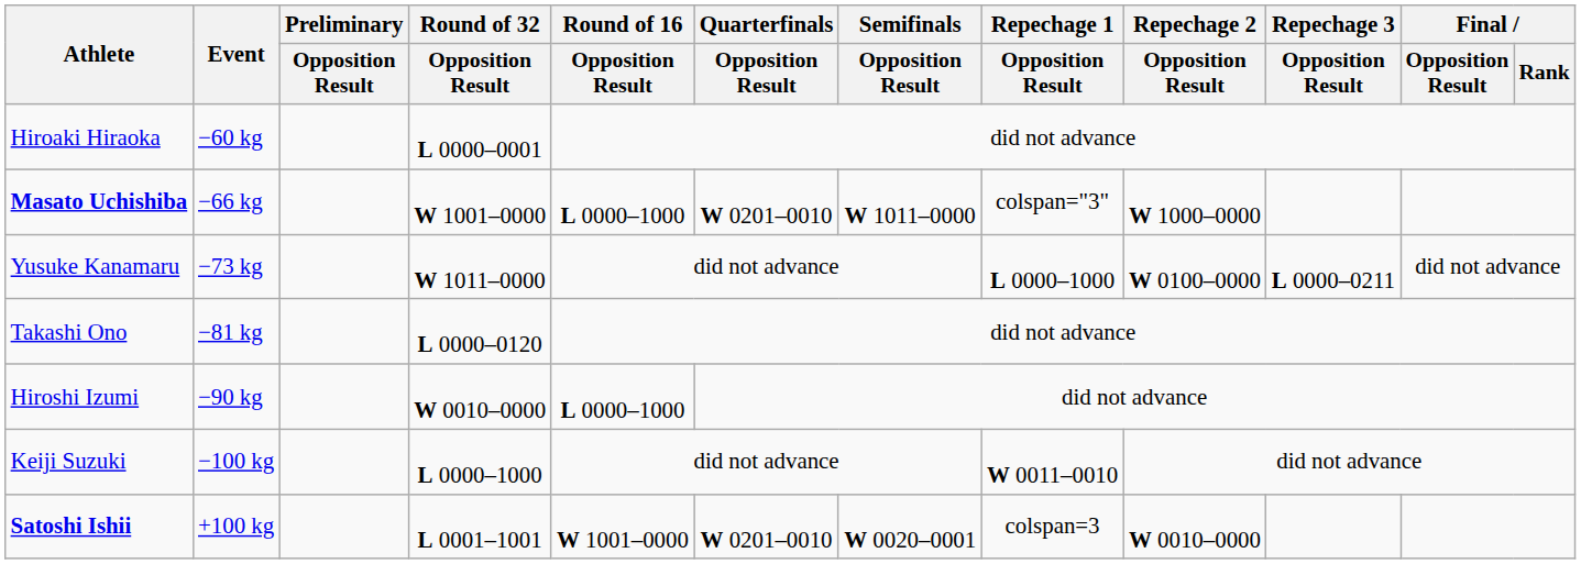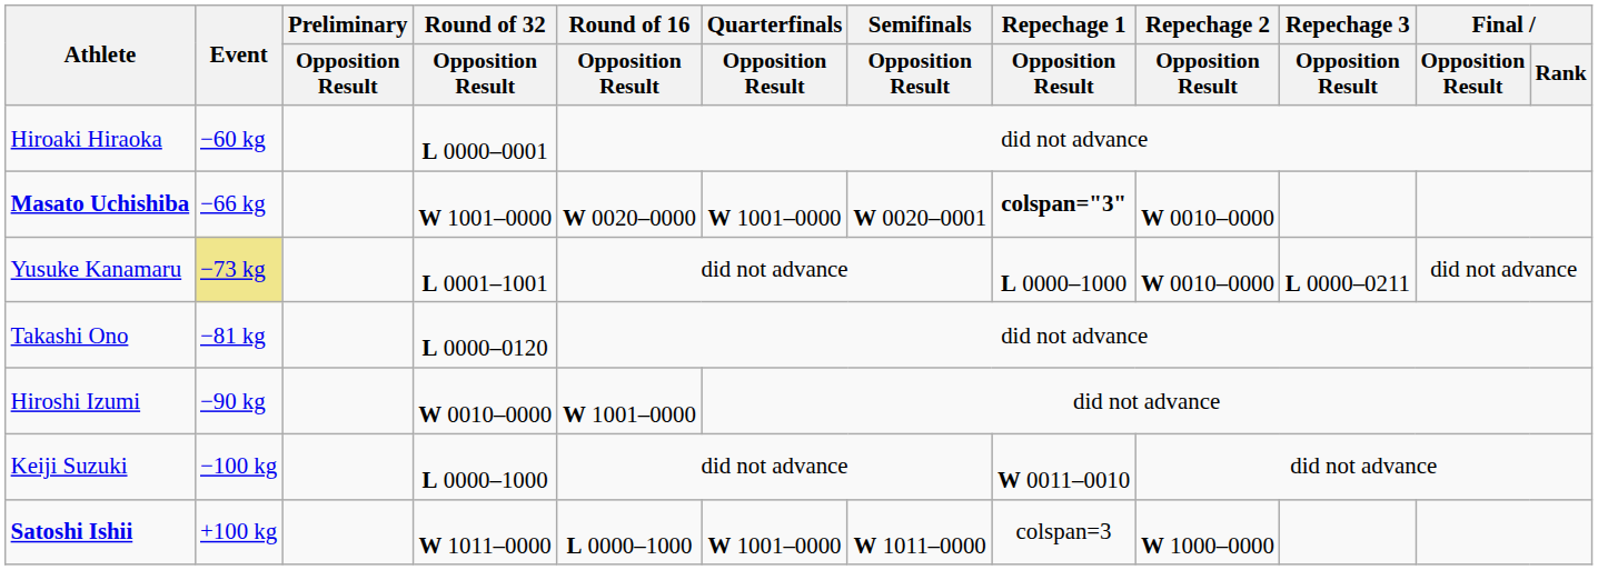 <table class="wikitable" style="font-size:90%">
 <tr>
 <th rowspan="2">Athlete</th>
 <th rowspan="2">Event</th>
 <th>Preliminary</th>
 <th>Round of 32</th>
 <th>Round of 16</th>
 <th>Quarterfinals</th>
 <th>Semifinals</th>
 <th>Repechage 1</th>
 <th>Repechage 2</th>
 <th>Repechage 3</th>
 <th colspan=2>Final / </th>
 </tr>
 <tr style="font-size:95%">
 <th>Opposition<br>Result</th>
 <th>Opposition<br>Result</th>
 <th>Opposition<br>Result</th>
 <th>Opposition<br>Result</th>
 <th>Opposition<br>Result</th>
 <th>Opposition<br>Result</th>
 <th>Opposition<br>Result</th>
 <th>Opposition<br>Result</th>
 <th>Opposition<br>Result</th>
 <th>Rank</th>
 </tr>
 <tr align=center>
 <td align=left><a href='#'>Hiroaki Hiraoka</a></td>
 <td align=left><a href='#'>−60 kg</a></td>
 <td></td>
 <td><br> <strong>L</strong> 0000–0001</td>
 <td colspan=8>did not advance</td>
 </tr>
 <tr align=center>
 <td align=left><strong><a href='#'>Masato Uchishiba</a></strong></td>
 <td align=left><a href='#'>−66 kg</a></td>
 <td></td>
 <td><br> <strong>W</strong> 1001–0000</td>
-<td><br> <strong>L</strong> 0000–1000</td>
-<td><br> <strong>W</strong> 0201–0010</td>
-<td> <br> <strong>W</strong> 1011–0000</td>
-<td>colspan="3" </td>
-<td><br> <strong>W</strong> 1000–0000</td>
+<td><br> <strong>W</strong> 0020–0000</td>
+<td> <br> <strong>W</strong> 1001–0000</td>
+<td><br> <strong>W</strong> 0020–0001</td>
+<td><strong>colspan="3" </strong></td>
+<td><br><strong>W</strong> 0010–0000</td>
 <td></td>
 </tr>
 <tr align=center>
 <td align=left><a href='#'>Yusuke Kanamaru</a></td>
-<td align=left><a href='#'>−73 kg</a></td>
+<td align=left style="background: khaki;"><a href='#'>−73 kg</a></td>
 <td></td>
-<td><br> <strong>W</strong> 1011–0000</td>
+<td><br> <strong>L</strong> 0001–1001</td>
 <td colspan=3>did not advance</td>
 <td><br> <strong>L</strong> 0000–1000</td>
-<td><br> <strong>W</strong> 0100–0000</td>
+<td><br><strong>W</strong> 0010–0000</td>
 <td><br> <strong>L</strong> 0000–0211</td>
 <td colspan=2>did not advance</td>
 </tr>
 <tr align=center>
 <td align=left><a href='#'>Takashi Ono</a></td>
 <td align=left><a href='#'>−81 kg</a></td>
 <td></td>
 <td><br> <strong>L</strong> 0000–0120</td>
 <td colspan=8>did not advance</td>
 </tr>
 <tr align=center>
 <td align=left><a href='#'>Hiroshi Izumi</a></td>
 <td align=left><a href='#'>−90 kg</a></td>
 <td></td>
 <td><br> <strong>W</strong> 0010–0000</td>
-<td><br> <strong>L</strong> 0000–1000</td>
+<td><br> <strong>W</strong> 1001–0000</td>
 <td colspan=7>did not advance</td>
 </tr>
 <tr align=center>
 <td align=left><a href='#'>Keiji Suzuki</a></td>
 <td align=left><a href='#'>−100 kg</a></td>
 <td></td>
 <td><br> <strong>L</strong> 0000–1000</td>
 <td colspan=3>did not advance</td>
 <td><br> <strong>W</strong> 0011–0010</td>
 <td colspan=4>did not advance</td>
 </tr>
 <tr align=center>
 <td align=left><strong><a href='#'>Satoshi Ishii</a></strong></td>
 <td align=left><a href='#'>+100 kg</a></td>
 <td></td>
-<td><br> <strong>L</strong> 0001–1001</td>
-<td><br> <strong>W</strong> 1001–0000</td>
-<td><br> <strong>W</strong> 0201–0010</td>
-<td><br> <strong>W</strong> 0020–0001</td>
+<td><br> <strong>W</strong> 1011–0000</td>
+<td><br> <strong>L</strong> 0000–1000</td>
+<td> <br> <strong>W</strong> 1001–0000</td>
+<td> <br> <strong>W</strong> 1011–0000</td>
 <td>colspan=3 </td>
-<td><br><strong>W</strong> 0010–0000</td>
+<td><br> <strong>W</strong> 1000–0000</td>
 <td></td>
 </tr>
 </table>
